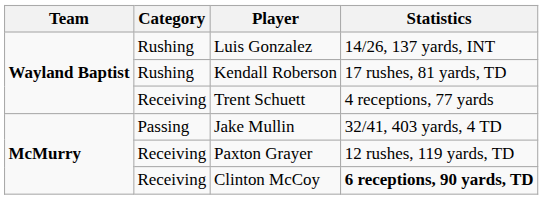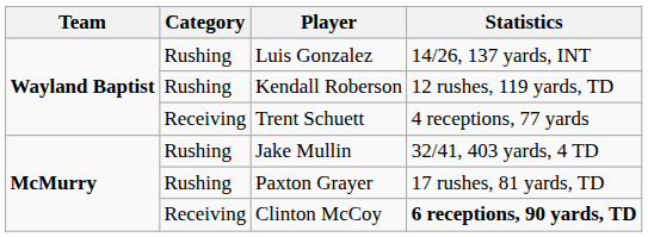 <table class="wikitable" style="float: left;">
 <tr>
 <th>Team</th>
 <th>Category</th>
 <th>Player</th>
 <th>Statistics</th>
 </tr>
 <tr>
 <td rowspan=3><strong>Wayland Baptist</strong></td>
 <td>Rushing</td>
 <td>Luis Gonzalez</td>
 <td>14/26, 137 yards, INT</td>
 </tr>
 <tr>
 <td>Rushing</td>
 <td>Kendall Roberson</td>
-<td>17 rushes, 81 yards, TD</td>
+<td>12 rushes, 119 yards, TD</td>
 </tr>
 <tr>
 <td>Receiving</td>
 <td>Trent Schuett</td>
 <td>4 receptions, 77 yards</td>
 </tr>
 <tr>
 <td rowspan=3><strong>McMurry</strong></td>
-<td>Passing</td>
+<td>Rushing</td>
 <td>Jake Mullin</td>
 <td>32/41, 403 yards, 4 TD</td>
 </tr>
 <tr>
-<td>Receiving</td>
+<td>Rushing</td>
 <td>Paxton Grayer</td>
-<td>12 rushes, 119 yards, TD</td>
+<td>17 rushes, 81 yards, TD</td>
 </tr>
 <tr>
 <td>Receiving</td>
 <td>Clinton McCoy</td>
 <td><strong>6 receptions, 90 yards, TD</strong></td>
 </tr>
 </table>
